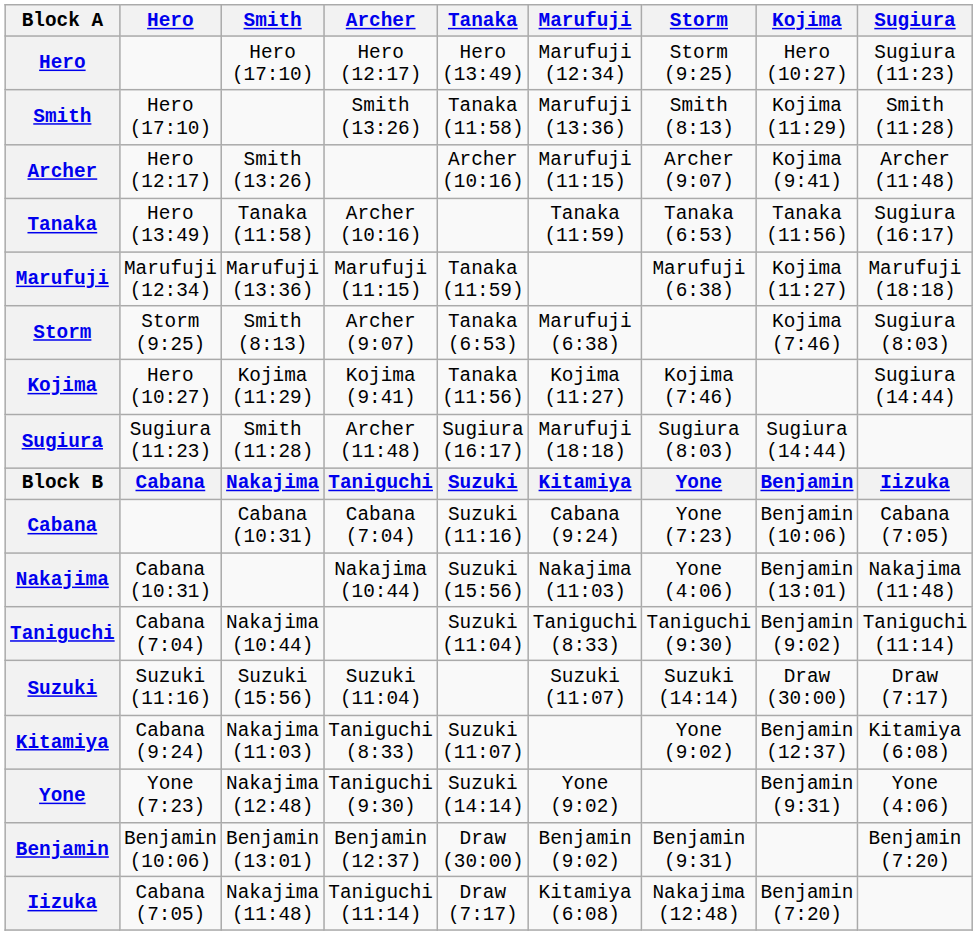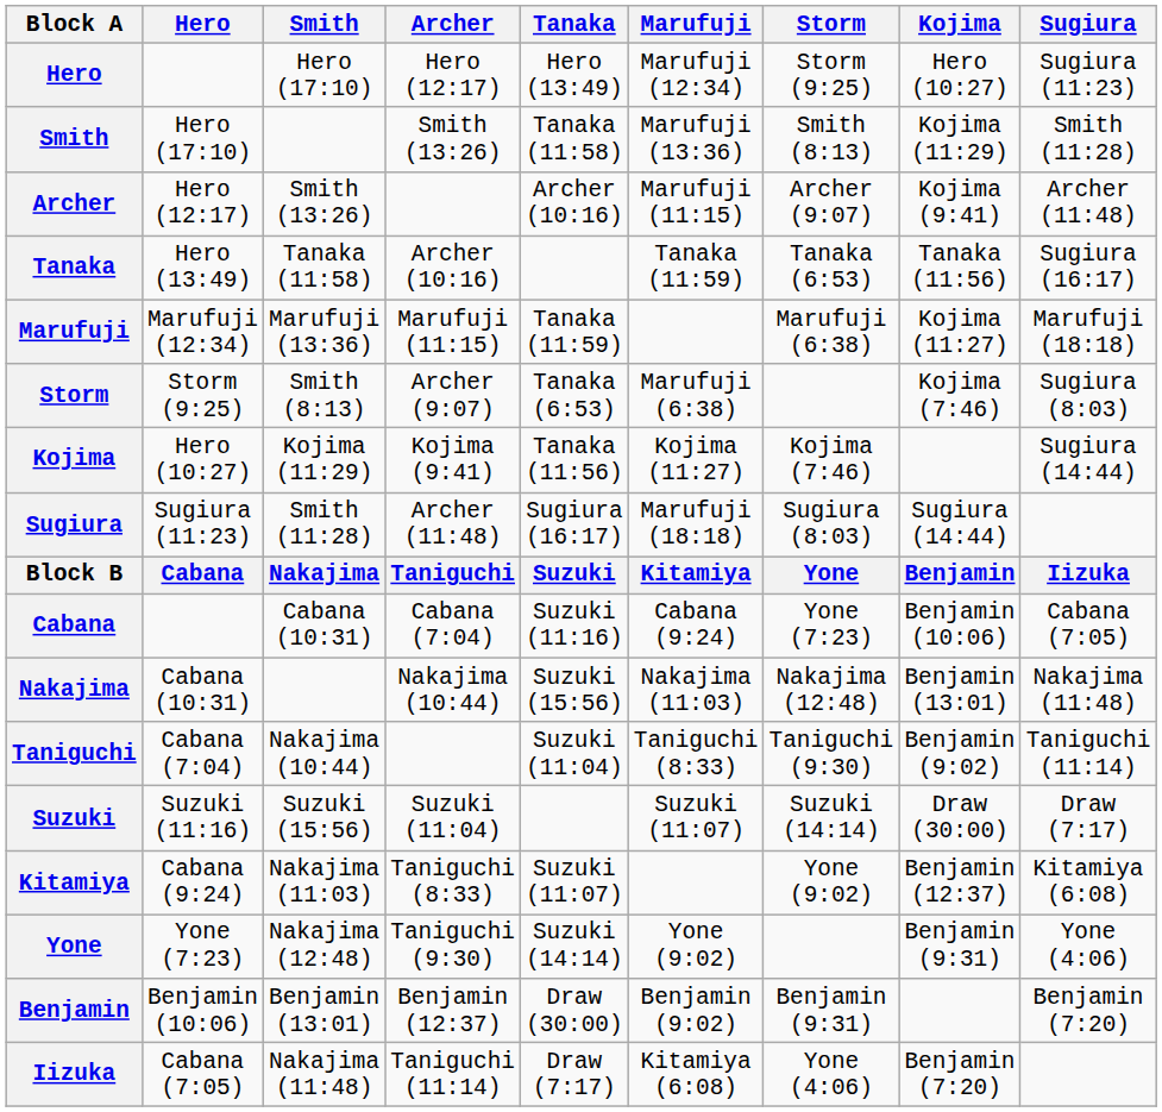 <table class="wikitable" style="margin: 1em auto 1em auto;text-align:center">
 <tr>
 <th>Block A</th>
 <th><a href='#'>Hero</a></th>
 <th><a href='#'>Smith</a></th>
 <th><a href='#'>Archer</a></th>
 <th><a href='#'>Tanaka</a></th>
 <th><a href='#'>Marufuji</a></th>
 <th><a href='#'>Storm</a></th>
 <th><a href='#'>Kojima</a></th>
 <th><a href='#'>Sugiura</a></th>
 </tr>
 <tr>
 <th><a href='#'>Hero</a></th>
 <td></td>
 <td>Hero<br>(17:10)</td>
 <td>Hero<br>(12:17)</td>
 <td>Hero<br>(13:49)</td>
 <td>Marufuji<br>(12:34)</td>
 <td>Storm<br>(9:25)</td>
 <td>Hero<br>(10:27)</td>
 <td>Sugiura<br>(11:23)</td>
 </tr>
 <tr>
 <th><a href='#'>Smith</a></th>
 <td>Hero<br>(17:10)</td>
 <td></td>
 <td>Smith<br>(13:26)</td>
 <td>Tanaka<br>(11:58)</td>
 <td>Marufuji<br>(13:36)</td>
 <td>Smith<br>(8:13)</td>
 <td>Kojima<br>(11:29)</td>
 <td>Smith<br>(11:28)</td>
 </tr>
 <tr>
 <th><a href='#'>Archer</a></th>
 <td>Hero<br>(12:17)</td>
 <td>Smith<br>(13:26)</td>
 <td></td>
 <td>Archer<br>(10:16)</td>
 <td>Marufuji<br>(11:15)</td>
 <td>Archer<br>(9:07)</td>
 <td>Kojima<br>(9:41)</td>
 <td>Archer<br>(11:48)</td>
 </tr>
 <tr>
 <th><a href='#'>Tanaka</a></th>
 <td>Hero<br>(13:49)</td>
 <td>Tanaka<br>(11:58)</td>
 <td>Archer<br>(10:16)</td>
 <td></td>
 <td>Tanaka<br>(11:59)</td>
 <td>Tanaka<br>(6:53)</td>
 <td>Tanaka<br>(11:56)</td>
 <td>Sugiura<br>(16:17)</td>
 </tr>
 <tr>
 <th><a href='#'>Marufuji</a></th>
 <td>Marufuji<br>(12:34)</td>
 <td>Marufuji<br>(13:36)</td>
 <td>Marufuji<br>(11:15)</td>
 <td>Tanaka<br>(11:59)</td>
 <td></td>
 <td>Marufuji<br>(6:38)</td>
 <td>Kojima<br>(11:27)</td>
 <td>Marufuji<br>(18:18)</td>
 </tr>
 <tr>
 <th><a href='#'>Storm</a></th>
 <td>Storm<br>(9:25)</td>
 <td>Smith<br>(8:13)</td>
 <td>Archer<br>(9:07)</td>
 <td>Tanaka<br>(6:53)</td>
 <td>Marufuji<br>(6:38)</td>
 <td></td>
 <td>Kojima<br>(7:46)</td>
 <td>Sugiura<br>(8:03)</td>
 </tr>
 <tr>
 <th><a href='#'>Kojima</a></th>
 <td>Hero<br>(10:27)</td>
 <td>Kojima<br>(11:29)</td>
 <td>Kojima<br>(9:41)</td>
 <td>Tanaka<br>(11:56)</td>
 <td>Kojima<br>(11:27)</td>
 <td>Kojima<br>(7:46)</td>
 <td></td>
 <td>Sugiura<br>(14:44)</td>
 </tr>
 <tr>
 <th><a href='#'>Sugiura</a></th>
 <td>Sugiura<br>(11:23)</td>
 <td>Smith<br>(11:28)</td>
 <td>Archer<br>(11:48)</td>
 <td>Sugiura<br>(16:17)</td>
 <td>Marufuji<br>(18:18)</td>
 <td>Sugiura<br>(8:03)</td>
 <td>Sugiura<br>(14:44)</td>
 <td></td>
 </tr>
 <tr>
 <th>Block B</th>
 <th><a href='#'>Cabana</a></th>
 <th><a href='#'>Nakajima</a></th>
 <th><a href='#'>Taniguchi</a></th>
 <th><a href='#'>Suzuki</a></th>
 <th><a href='#'>Kitamiya</a></th>
 <th><a href='#'>Yone</a></th>
 <th><a href='#'>Benjamin</a></th>
 <th><a href='#'>Iizuka</a></th>
 </tr>
 <tr>
 <th><a href='#'>Cabana</a></th>
 <td></td>
 <td>Cabana<br>(10:31)</td>
 <td>Cabana<br>(7:04)</td>
 <td>Suzuki<br>(11:16)</td>
 <td>Cabana<br>(9:24)</td>
 <td>Yone<br>(7:23)</td>
 <td>Benjamin<br>(10:06)</td>
 <td>Cabana<br>(7:05)</td>
 </tr>
 <tr>
 <th><a href='#'>Nakajima</a></th>
 <td>Cabana<br>(10:31)</td>
 <td></td>
 <td>Nakajima<br>(10:44)</td>
 <td>Suzuki<br>(15:56)</td>
 <td>Nakajima<br>(11:03)</td>
-<td>Yone<br>(4:06)</td>
+<td>Nakajima<br>(12:48)</td>
 <td>Benjamin<br>(13:01)</td>
 <td>Nakajima<br>(11:48)</td>
 </tr>
 <tr>
 <th><a href='#'>Taniguchi</a></th>
 <td>Cabana<br>(7:04)</td>
 <td>Nakajima<br>(10:44)</td>
 <td></td>
 <td>Suzuki<br>(11:04)</td>
 <td>Taniguchi<br>(8:33)</td>
 <td>Taniguchi<br>(9:30)</td>
 <td>Benjamin<br>(9:02)</td>
 <td>Taniguchi<br>(11:14)</td>
 </tr>
 <tr>
 <th><a href='#'>Suzuki</a></th>
 <td>Suzuki<br>(11:16)</td>
 <td>Suzuki<br>(15:56)</td>
 <td>Suzuki<br>(11:04)</td>
 <td></td>
 <td>Suzuki<br>(11:07)</td>
 <td>Suzuki<br>(14:14)</td>
 <td>Draw<br>(30:00)</td>
 <td>Draw<br>(7:17)</td>
 </tr>
 <tr>
 <th><a href='#'>Kitamiya</a></th>
 <td>Cabana<br>(9:24)</td>
 <td>Nakajima<br>(11:03)</td>
 <td>Taniguchi<br>(8:33)</td>
 <td>Suzuki<br>(11:07)</td>
 <td></td>
 <td>Yone<br>(9:02)</td>
 <td>Benjamin<br>(12:37)</td>
 <td>Kitamiya<br>(6:08)</td>
 </tr>
 <tr>
 <th><a href='#'>Yone</a></th>
 <td>Yone<br>(7:23)</td>
 <td>Nakajima<br>(12:48)</td>
 <td>Taniguchi<br>(9:30)</td>
 <td>Suzuki<br>(14:14)</td>
 <td>Yone<br>(9:02)</td>
 <td></td>
 <td>Benjamin<br>(9:31)</td>
 <td>Yone<br>(4:06)</td>
 </tr>
 <tr>
 <th><a href='#'>Benjamin</a></th>
 <td>Benjamin<br>(10:06)</td>
 <td>Benjamin<br>(13:01)</td>
 <td>Benjamin<br>(12:37)</td>
 <td>Draw<br>(30:00)</td>
 <td>Benjamin<br>(9:02)</td>
 <td>Benjamin<br>(9:31)</td>
 <td></td>
 <td>Benjamin<br>(7:20)</td>
 </tr>
 <tr>
 <th><a href='#'>Iizuka</a></th>
 <td>Cabana<br>(7:05)</td>
 <td>Nakajima<br>(11:48)</td>
 <td>Taniguchi<br>(11:14)</td>
 <td>Draw<br>(7:17)</td>
 <td>Kitamiya<br>(6:08)</td>
-<td>Nakajima<br>(12:48)</td>
+<td>Yone<br>(4:06)</td>
 <td>Benjamin<br>(7:20)</td>
 <td></td>
 </tr>
 </table>
